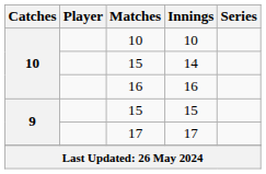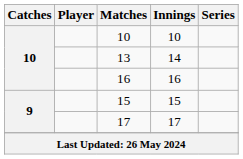 <table class="wikitable sortable" style="text-align:left;font-size:96%;">
 <tr>
 <th>Catches</th>
 <th>Player</th>
 <th>Matches</th>
 <th>Innings</th>
 <th>Series</th>
 </tr>
 <tr>
 <th scope=row style=text-align:center; rowspan=3>10</th>
 <td></td>
 <td align=center>10</td>
 <td align=center>10</td>
 <td></td>
 </tr>
 <tr>
 <td></td>
-<td align=center>15</td>
+<td align=center>13</td>
 <td align=center>14</td>
 <td></td>
 </tr>
 <tr>
 <td></td>
 <td align=center>16</td>
 <td align=center>16</td>
 <td></td>
 </tr>
 <tr>
 <th scope=row style=text-align:center; rowspan=2>9</th>
 <td></td>
 <td align=center>15</td>
 <td align=center>15</td>
 <td></td>
 </tr>
 <tr>
 <td></td>
 <td align=center>17</td>
 <td align=center>17</td>
 <td></td>
 </tr>
 <tr>
 </tr>
 <tr class=sortbottom>
 <th colspan=6><small>Last Updated: 26 May 2024</small></th>
 </tr>
 </table>
